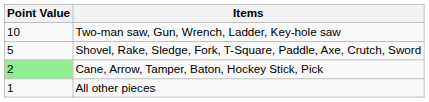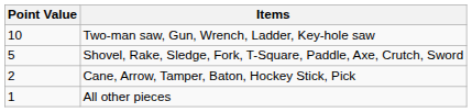 <table class="wikitable">
 <tr>
 <th>Point Value</th>
 <th>Items</th>
 </tr>
 <tr>
 <td>10</td>
 <td>Two-man saw, Gun, Wrench, Ladder, Key-hole saw</td>
 </tr>
 <tr>
 <td>5</td>
 <td>Shovel, Rake, Sledge, Fork, T-Square, Paddle, Axe, Crutch, Sword</td>
 </tr>
 <tr>
-<td style="background: lightgreen;">2</td>
+<td>2</td>
 <td>Cane, Arrow, Tamper, Baton, Hockey Stick, Pick</td>
 </tr>
 <tr>
 <td>1</td>
 <td>All other pieces</td>
 </tr>
 </table>
